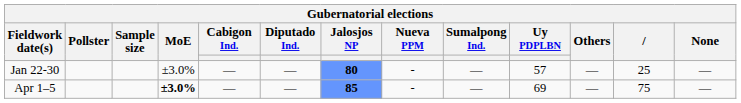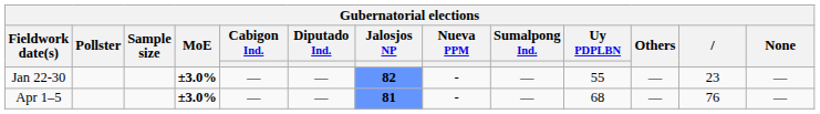 <table class="wikitable" style="text-align:center;font-size:85%;line-height:14px;">
 <tr>
 <th colspan="13">Gubernatorial elections</th>
 </tr>
 <tr>
 <th rowspan="2">Fieldwork<br>date(s)</th>
 <th rowspan="2">Pollster</th>
 <th rowspan="2" data-sort-type="number">Sample<br>size</th>
 <th rowspan="2" data-sort-type="number"><abbr>MoE</abbr></th>
 <th class="unsortable" style="width:60px;">Cabigon<br><small><a href='#'>Ind.</a></small></th>
 <th class="unsortable" style="width:60px;">Diputado<br><small><a href='#'>Ind.</a></small></th>
 <th class="unsortable" style="width:60px;">Jalosjos<br><small><a href='#'>NP</a></small></th>
 <th class="unsortable" style="width:60px;">Nueva<br><small><a href='#'>PPM</a></small></th>
 <th class="unsortable" style="width:60px;">Sumalpong<br><small><a href='#'>Ind.</a></small></th>
 <th class="unsortable" style="width:60px;">Uy<br><small><a href='#'>PDPLBN</a></small></th>
 <th rowspan="2">Others</th>
 <th rowspan="2" class="unsortable" style="width:60px;">/<br></th>
 <th rowspan="2" style="width:60px;">None</th>
 </tr>
 <tr>
 <th style="background:"></th>
 <th style="background:"></th>
 <th style="background:"></th>
 <th style="background:"></th>
 <th style="background:"></th>
 <th style="background:"></th>
 </tr>
 <tr>
 <td>Jan 22-30</td>
 <td></td>
 <td></td>
-<td>±3.0%</td>
+<td><strong>±3.0%</strong></td>
 <td>—</td>
 <td>—</td>
-<td style="background:#6495FD;"><strong>80</strong></td>
+<td style="background:#6495FD;"><strong>82</strong></td>
 <td>-</td>
 <td>—</td>
-<td>57</td>
+<td>55</td>
 <td>—</td>
-<td>25</td>
+<td>23</td>
 <td>—</td>
 </tr>
 <tr>
 <td>Apr 1–5</td>
 <td></td>
 <td></td>
 <td><strong>±3.0%</strong></td>
 <td>—</td>
 <td>—</td>
-<td style="background:#6495FD;"><strong>85</strong></td>
+<td style="background:#6495FD;"><strong>81</strong></td>
 <td>-</td>
 <td>—</td>
-<td>69</td>
+<td>68</td>
 <td>—</td>
-<td>75</td>
+<td>76</td>
 <td>—</td>
 </tr>
 </table>
